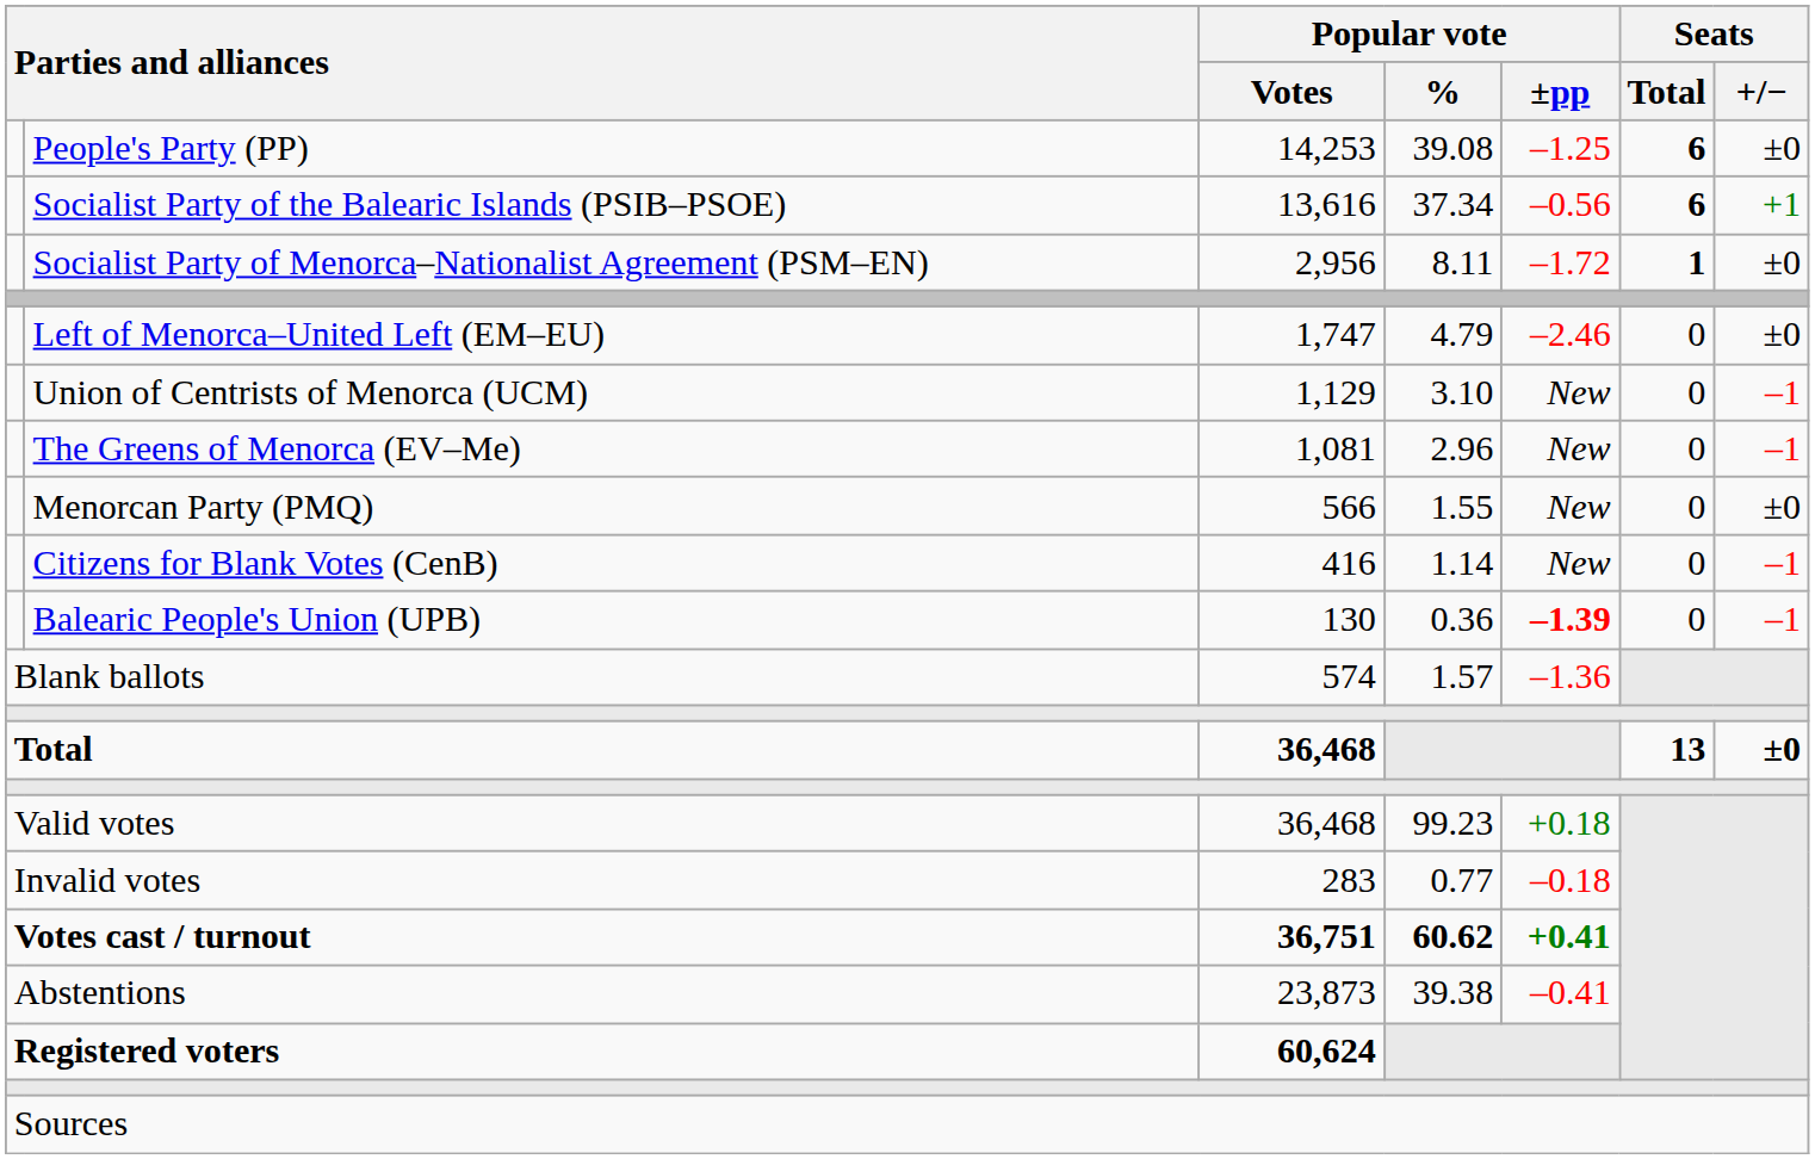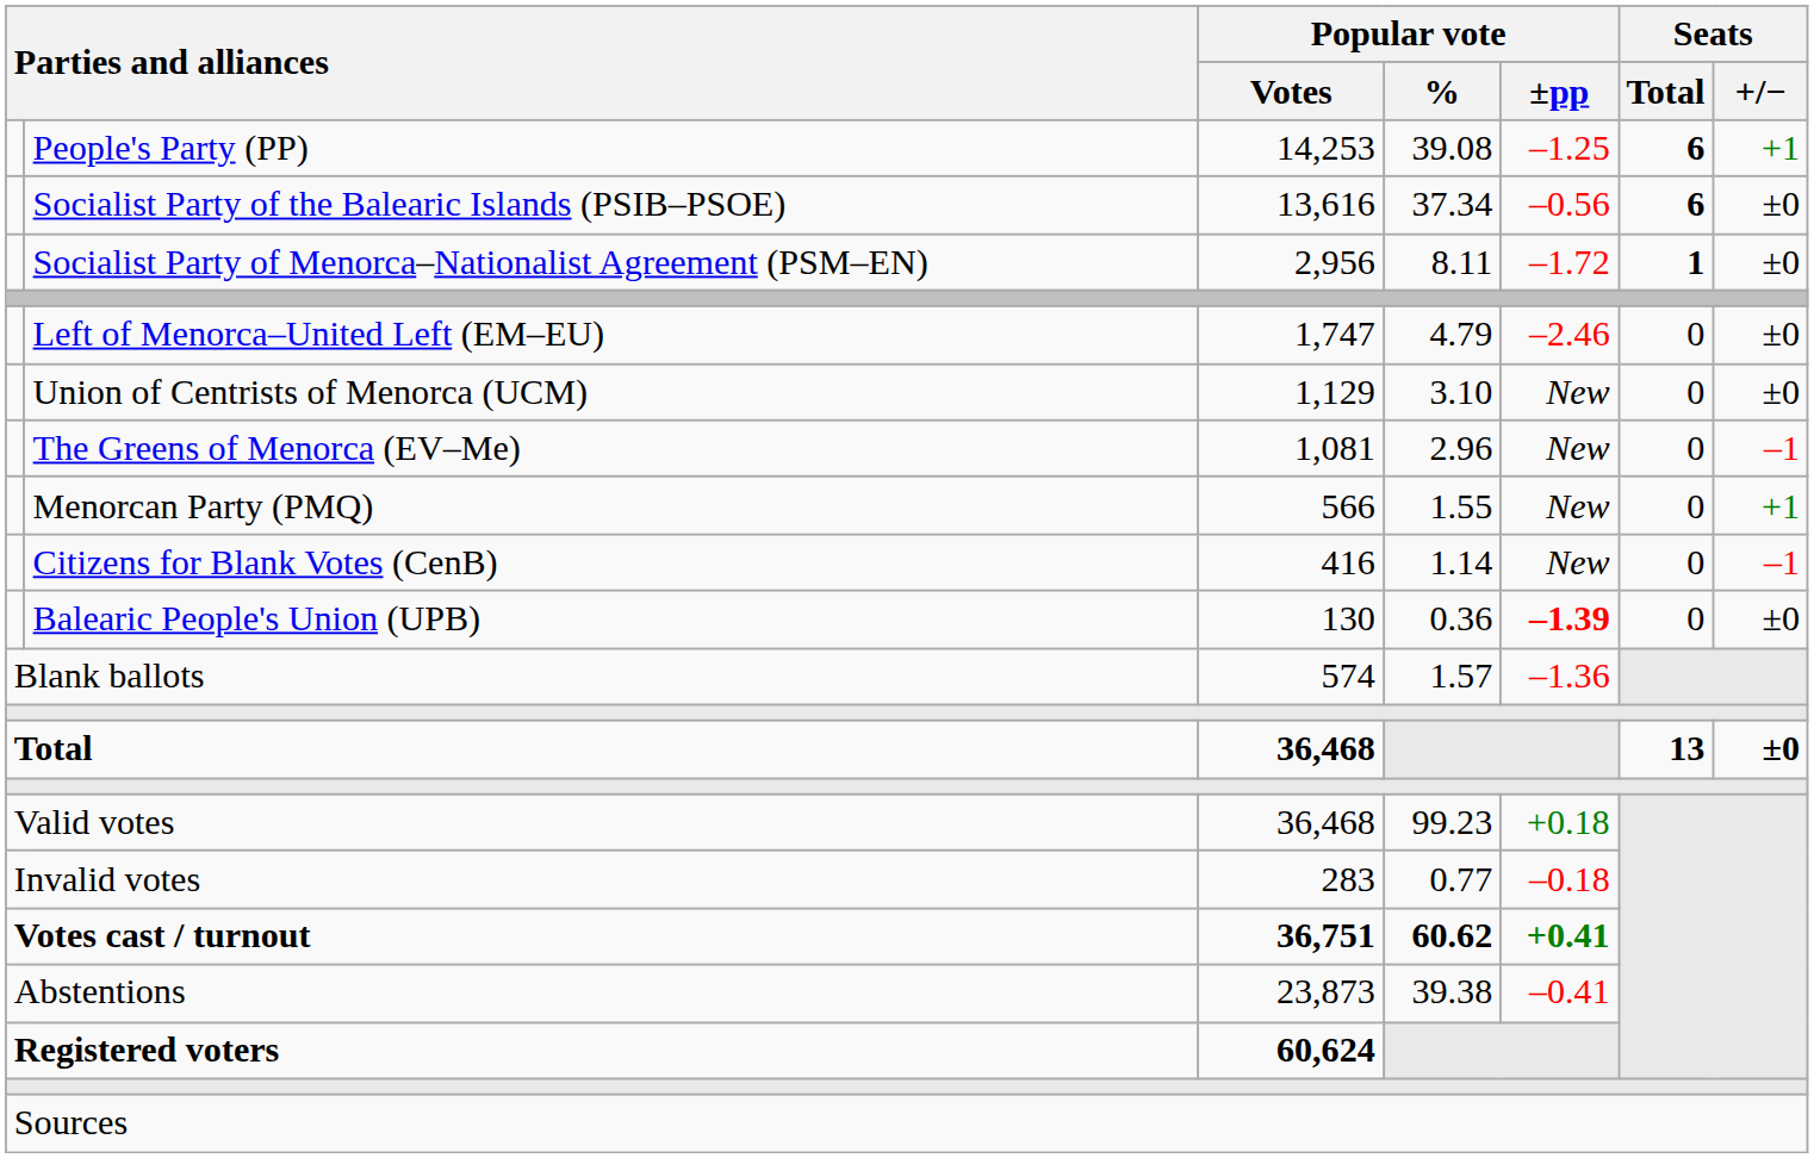 <table class="wikitable" style="text-align:right;">
 <tr>
 <th style="text-align:left;" rowspan="2" colspan="2" width="525">Parties and alliances</th>
 <th colspan="3">Popular vote</th>
 <th colspan="2">Seats</th>
 </tr>
 <tr>
 <th width="75">Votes</th>
 <th width="45">%</th>
 <th width="45">±<a href='#'>pp</a></th>
 <th width="35">Total</th>
 <th width="35">+/−</th>
 </tr>
 <tr>
 <td width="1" style="color:inherit;background:"></td>
 <td align="left"><a href='#'>People's Party</a> (PP)</td>
 <td>14,253</td>
 <td>39.08</td>
 <td style="color:red;">–1.25</td>
 <td><strong>6</strong></td>
-<td>±0</td>
+<td style="color:green;">+1</td>
 </tr>
 <tr>
 <td style="color:inherit;background:"></td>
 <td align="left"><a href='#'>Socialist Party of the Balearic Islands</a> (PSIB–PSOE)</td>
 <td>13,616</td>
 <td>37.34</td>
 <td style="color:red;">–0.56</td>
 <td><strong>6</strong></td>
-<td style="color:green;">+1</td>
+<td>±0</td>
 </tr>
 <tr>
 <td style="color:inherit;background:"></td>
 <td align="left"><a href='#'>Socialist Party of Menorca</a>–<a href='#'>Nationalist Agreement</a> (PSM–EN)</td>
 <td>2,956</td>
 <td>8.11</td>
 <td style="color:red;">–1.72</td>
 <td><strong>1</strong></td>
 <td>±0</td>
 </tr>
 <tr>
 <td colspan="7" bgcolor="#C0C0C0"></td>
 </tr>
 <tr>
 <td style="color:inherit;background:"></td>
 <td align="left"><a href='#'>Left of Menorca–United Left</a> (EM–EU)</td>
 <td>1,747</td>
 <td>4.79</td>
 <td style="color:red;">–2.46</td>
 <td>0</td>
 <td>±0</td>
 </tr>
 <tr>
 <td style="color:inherit;background:"></td>
 <td align="left">Union of Centrists of Menorca (UCM)</td>
 <td>1,129</td>
 <td>3.10</td>
 <td><em>New</em></td>
 <td>0</td>
-<td style="color:red;">–1</td>
+<td>±0</td>
 </tr>
 <tr>
 <td style="color:inherit;background:"></td>
 <td align="left"><a href='#'>The Greens of Menorca</a> (EV–Me)</td>
 <td>1,081</td>
 <td>2.96</td>
 <td><em>New</em></td>
 <td>0</td>
 <td style="color:red;">–1</td>
 </tr>
 <tr>
 <td style="color:inherit;background:"></td>
 <td align="left">Menorcan Party (PMQ)</td>
 <td>566</td>
 <td>1.55</td>
 <td><em>New</em></td>
 <td>0</td>
-<td>±0</td>
+<td style="color:green;">+1</td>
 </tr>
 <tr>
 <td style="color:inherit;background:"></td>
 <td align="left"><a href='#'>Citizens for Blank Votes</a> (CenB)</td>
 <td>416</td>
 <td>1.14</td>
 <td><em>New</em></td>
 <td>0</td>
 <td style="color:red;">–1</td>
 </tr>
 <tr>
 <td style="color:inherit;background:"></td>
 <td align="left"><a href='#'>Balearic People's Union</a> (UPB)</td>
 <td>130</td>
 <td>0.36</td>
 <td style="color:red;"><strong>–1.39</strong></td>
 <td>0</td>
-<td style="color:red;">–1</td>
+<td>±0</td>
 </tr>
 <tr>
 <td align="left" colspan="2">Blank ballots</td>
 <td>574</td>
 <td>1.57</td>
 <td style="color:red;">–1.36</td>
 <td bgcolor="#E9E9E9" colspan="2"></td>
 </tr>
 <tr>
 <td colspan="7" bgcolor="#E9E9E9"></td>
 </tr>
 <tr style="font-weight:bold;">
 <td align="left" colspan="2">Total</td>
 <td>36,468</td>
 <td bgcolor="#E9E9E9" colspan="2"></td>
 <td>13</td>
 <td>±0</td>
 </tr>
 <tr>
 <td colspan="7" bgcolor="#E9E9E9"></td>
 </tr>
 <tr>
 <td align="left" colspan="2">Valid votes</td>
 <td>36,468</td>
 <td>99.23</td>
 <td style="color:green;">+0.18</td>
 <td bgcolor="#E9E9E9" colspan="2" rowspan="5"></td>
 </tr>
 <tr>
 <td align="left" colspan="2">Invalid votes</td>
 <td>283</td>
 <td>0.77</td>
 <td style="color:red;">–0.18</td>
 </tr>
 <tr style="font-weight:bold;">
 <td align="left" colspan="2">Votes cast / turnout</td>
 <td>36,751</td>
 <td>60.62</td>
 <td style="color:green;">+0.41</td>
 </tr>
 <tr>
 <td align="left" colspan="2">Abstentions</td>
 <td>23,873</td>
 <td>39.38</td>
 <td style="color:red;">–0.41</td>
 </tr>
 <tr style="font-weight:bold;">
 <td align="left" colspan="2">Registered voters</td>
 <td>60,624</td>
 <td bgcolor="#E9E9E9" colspan="2"></td>
 </tr>
 <tr>
 <td colspan="7" bgcolor="#E9E9E9"></td>
 </tr>
 <tr>
 <td align="left" colspan="7">Sources</td>
 </tr>
 </table>
